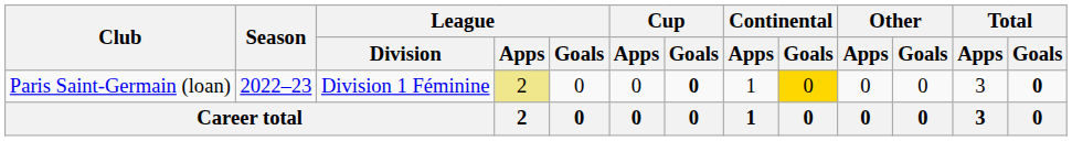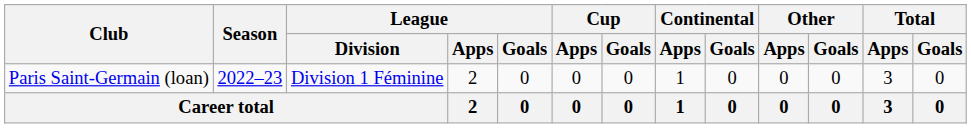 <table class="wikitable" Style="text-align: center">
 <tr>
 <th rowspan="2">Club</th>
 <th rowspan="2">Season</th>
 <th colspan="3">League</th>
 <th colspan="2">Cup</th>
 <th colspan="2">Continental</th>
 <th colspan="2">Other</th>
 <th colspan="2">Total</th>
 </tr>
 <tr>
 <th>Division</th>
 <th>Apps</th>
 <th>Goals</th>
 <th>Apps</th>
 <th>Goals</th>
 <th>Apps</th>
 <th>Goals</th>
 <th>Apps</th>
 <th>Goals</th>
 <th>Apps</th>
 <th>Goals</th>
 </tr>
 <tr>
 <td><a href='#'>Paris Saint-Germain</a> (loan)</td>
 <td><a href='#'>2022–23</a></td>
 <td><a href='#'>Division 1 Féminine</a></td>
-<td style="background: khaki;">2</td>
+<td>2</td>
 <td>0</td>
 <td>0</td>
-<td><strong>0</strong></td>
+<td>0</td>
 <td>1</td>
-<td style="background: gold;">0</td>
+<td>0</td>
 <td>0</td>
 <td>0</td>
 <td>3</td>
-<td><strong>0</strong></td>
+<td>0</td>
 </tr>
 <tr>
 <th colspan="3">Career total</th>
 <th>2</th>
 <th>0</th>
 <th>0</th>
 <th>0</th>
 <th>1</th>
 <th>0</th>
 <th>0</th>
 <th>0</th>
 <th>3</th>
 <th>0</th>
 </tr>
 </table>
